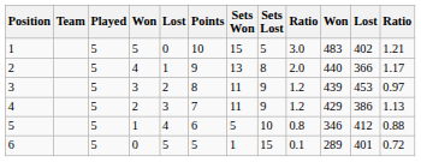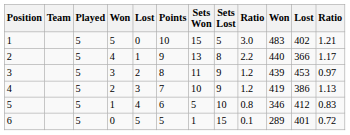 <table class="wikitable">
 <tr>
 <th>Position</th>
 <th>Team</th>
 <th>Played</th>
 <th>Won</th>
 <th>Lost</th>
 <th>Points</th>
 <th>Sets<br>Won</th>
 <th>Sets<br>Lost</th>
 <th>Ratio</th>
 <th>Won</th>
 <th>Lost</th>
 <th>Ratio</th>
 </tr>
 <tr>
 <td>1</td>
 <td></td>
 <td>5</td>
 <td>5</td>
 <td>0</td>
 <td>10</td>
 <td>15</td>
 <td>5</td>
 <td>3.0</td>
 <td>483</td>
 <td>402</td>
 <td>1.21</td>
 </tr>
 <tr>
 <td>2</td>
 <td></td>
 <td>5</td>
 <td>4</td>
 <td>1</td>
 <td>9</td>
 <td>13</td>
 <td>8</td>
-<td>2.0</td>
+<td>2.2</td>
 <td>440</td>
 <td>366</td>
 <td>1.17</td>
 </tr>
 <tr>
 <td>3</td>
 <td></td>
 <td>5</td>
 <td>3</td>
 <td>2</td>
 <td>8</td>
 <td>11</td>
 <td>9</td>
 <td>1.2</td>
 <td>439</td>
 <td>453</td>
 <td>0.97</td>
 </tr>
 <tr>
 <td>4</td>
 <td></td>
 <td>5</td>
 <td>2</td>
 <td>3</td>
 <td>7</td>
-<td>11</td>
+<td>10</td>
 <td>9</td>
 <td>1.2</td>
-<td>429</td>
+<td>419</td>
 <td>386</td>
 <td>1.13</td>
 </tr>
 <tr>
 <td>5</td>
 <td></td>
 <td>5</td>
 <td>1</td>
 <td>4</td>
 <td>6</td>
 <td>5</td>
 <td>10</td>
 <td>0.8</td>
 <td>346</td>
 <td>412</td>
-<td>0.88</td>
+<td>0.83</td>
 </tr>
 <tr>
 <td>6</td>
 <td></td>
 <td>5</td>
 <td>0</td>
 <td>5</td>
 <td>5</td>
 <td>1</td>
 <td>15</td>
 <td>0.1</td>
 <td>289</td>
 <td>401</td>
 <td>0.72</td>
 </tr>
 </table>
